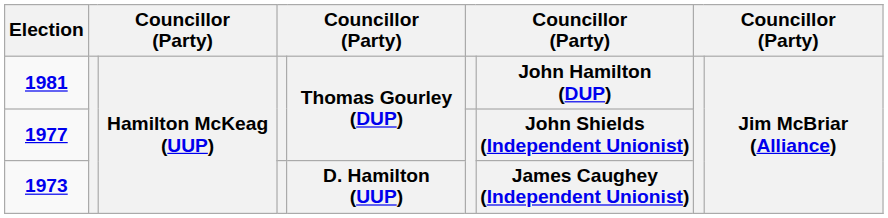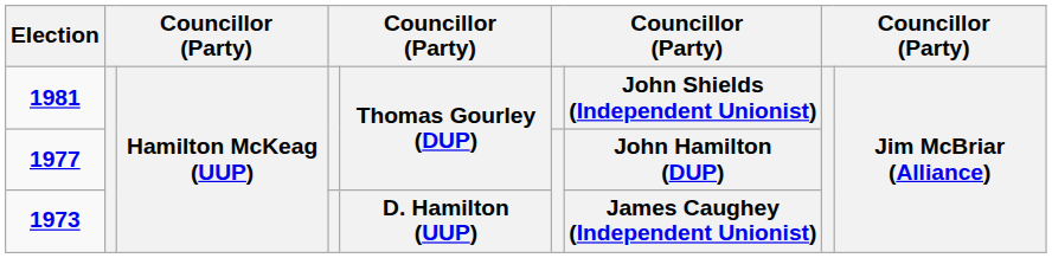 <table class="wikitable" style="text-align:center">
 <tr>
 <th scope="col" width="50">Election</th>
 <th scope="col" width="150" colspan = "2">Councillor<br> (Party)</th>
 <th scope="col" width="150" colspan = "2">Councillor<br> (Party)</th>
 <th scope="col" width="150" colspan = "2">Councillor<br> (Party)</th>
 <th scope="col" width="150" colspan = "2">Councillor<br> (Party)</th>
 </tr>
 <tr>
 <td><strong><a href='#'>1981</a></strong></td>
 <th rowspan="3" width="1" style="background-color: "></th>
 <th rowspan = "3">Hamilton McKeag <br> (<a href='#'>UUP</a>)</th>
 <th rowspan="2" width="1" style="background-color: "></th>
 <th rowspan = "2">Thomas Gourley <br> (<a href='#'>DUP</a>)</th>
 <th rowspan="1" width="1" style="background-color: "></th>
-<th rowspan = "1">John Hamilton <br> (<a href='#'>DUP</a>)</th>
+<th rowspan = "1">John Shields <br> (<a href='#'>Independent Unionist</a>)</th>
 <th rowspan="3" width="1" style="background-color: "></th>
 <th rowspan = "3">Jim McBriar <br> (<a href='#'>Alliance</a>)</th>
 </tr>
 <tr>
 <td><strong><a href='#'>1977</a></strong></td>
 <th rowspan="2" width="1" style="background-color: "></th>
-<th rowspan = "1">John Shields <br> (<a href='#'>Independent Unionist</a>)</th>
+<th rowspan = "1">John Hamilton <br> (<a href='#'>DUP</a>)</th>
 </tr>
 <tr>
 <td><strong><a href='#'>1973</a></strong></td>
 <th rowspan="1" width="1" style="background-color: "></th>
 <th rowspan = "1">D. Hamilton <br> (<a href='#'>UUP</a>)</th>
 <th rowspan = "1">James Caughey <br> (<a href='#'>Independent Unionist</a>)</th>
 </tr>
 </table>
